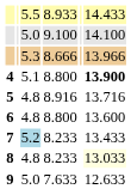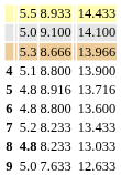 <table>
 <tr style="background: #fffcaf">
 <th scope=row style="text-align:center"></th>
 <td align=left></td>
 <td>5.5</td>
 <td>8.933</td>
 <td></td>
 <td>14.433</td>
 </tr>
 <tr style="background: #e5e5e5">
 <th scope=row style="text-align:center"></th>
 <td align=left></td>
 <td>5.0</td>
 <td>9.100</td>
 <td></td>
 <td>14.100</td>
 </tr>
 <tr style="background: #eecc99">
 <th scope=row style="text-align:center"></th>
 <td align=left></td>
 <td>5.3</td>
 <td>8.666</td>
 <td></td>
 <td>13.966</td>
 </tr>
 <tr>
 <th scope=row style="text-align:center">4</th>
 <td align=left></td>
 <td>5.1</td>
 <td>8.800</td>
 <td></td>
-<td><strong>13.900</strong></td>
+<td>13.900</td>
 </tr>
 <tr>
 <th scope=row style="text-align:center">5</th>
 <td align=left></td>
 <td>4.8</td>
 <td>8.916</td>
 <td></td>
 <td>13.716</td>
 </tr>
 <tr>
 <th scope=row style="text-align:center">6</th>
 <td align=left></td>
 <td>4.8</td>
 <td>8.800</td>
 <td></td>
 <td>13.600</td>
 </tr>
 <tr>
 <th scope=row style="text-align:center">7</th>
 <td align=left></td>
-<td style="background: lightblue;">5.2</td>
+<td>5.2</td>
 <td>8.233</td>
 <td></td>
 <td>13.433</td>
 </tr>
 <tr>
 <th scope=row style="text-align:center">8</th>
 <td align=left></td>
-<td>4.8</td>
+<td><strong>4.8</strong></td>
 <td>8.233</td>
 <td></td>
-<td style="background: lightyellow;">13.033</td>
+<td>13.033</td>
 </tr>
 <tr>
 <th scope=row style="text-align:center">9</th>
 <td align=left></td>
 <td>5.0</td>
 <td>7.633</td>
 <td></td>
 <td>12.633</td>
 </tr>
 <tr>
 </tr>
 </table>
